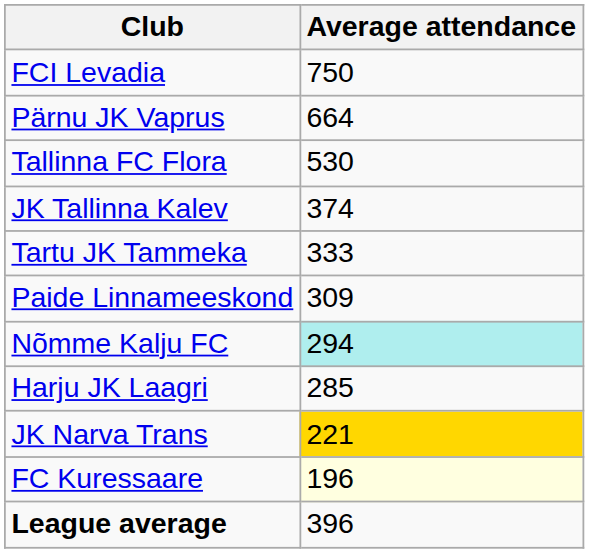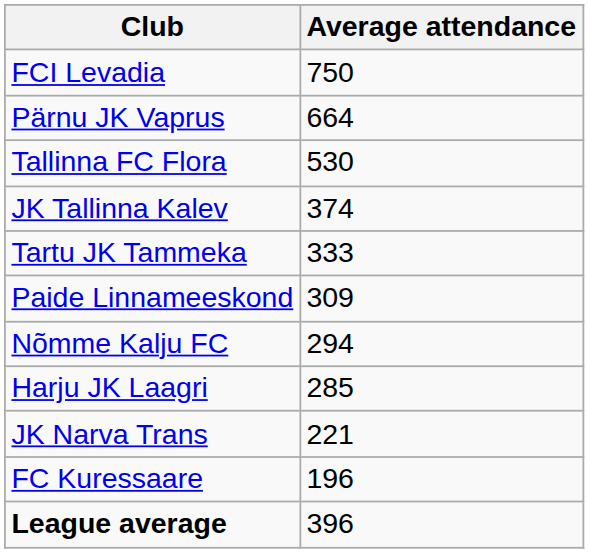 <table class="wikitable sortable">
 <tr>
 <th>Club</th>
 <th>Average attendance</th>
 </tr>
 <tr>
 <td><a href='#'>FCI Levadia</a></td>
 <td>750</td>
 </tr>
 <tr>
 <td><a href='#'>Pärnu JK Vaprus</a></td>
 <td>664</td>
 </tr>
 <tr>
 <td><a href='#'>Tallinna FC Flora</a></td>
 <td>530</td>
 </tr>
 <tr>
 <td><a href='#'>JK Tallinna Kalev</a></td>
 <td>374</td>
 </tr>
 <tr>
 <td><a href='#'>Tartu JK Tammeka</a></td>
 <td>333</td>
 </tr>
 <tr>
 <td><a href='#'>Paide Linnameeskond</a></td>
 <td>309</td>
 </tr>
 <tr>
 <td><a href='#'>Nõmme Kalju FC</a></td>
-<td style="background: paleturquoise;">294</td>
+<td>294</td>
 </tr>
 <tr>
 <td><a href='#'>Harju JK Laagri</a></td>
 <td>285</td>
 </tr>
 <tr>
 <td><a href='#'>JK Narva Trans</a></td>
-<td style="background: gold;">221</td>
+<td>221</td>
 </tr>
 <tr>
 <td><a href='#'>FC Kuressaare</a></td>
-<td style="background: lightyellow;">196</td>
+<td>196</td>
 </tr>
 <tr>
 <td><strong>League average</strong></td>
 <td>396</td>
 </tr>
 </table>
